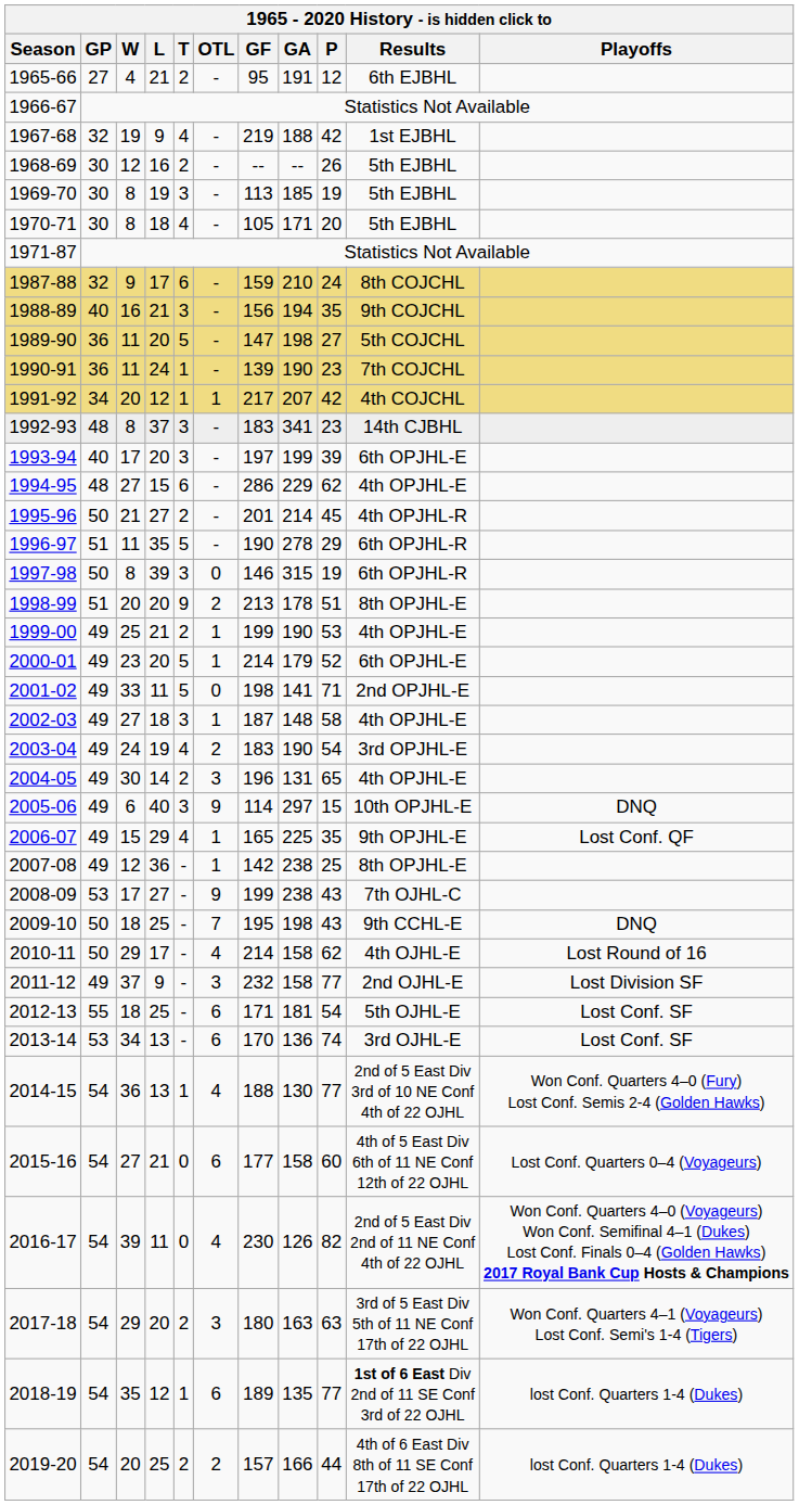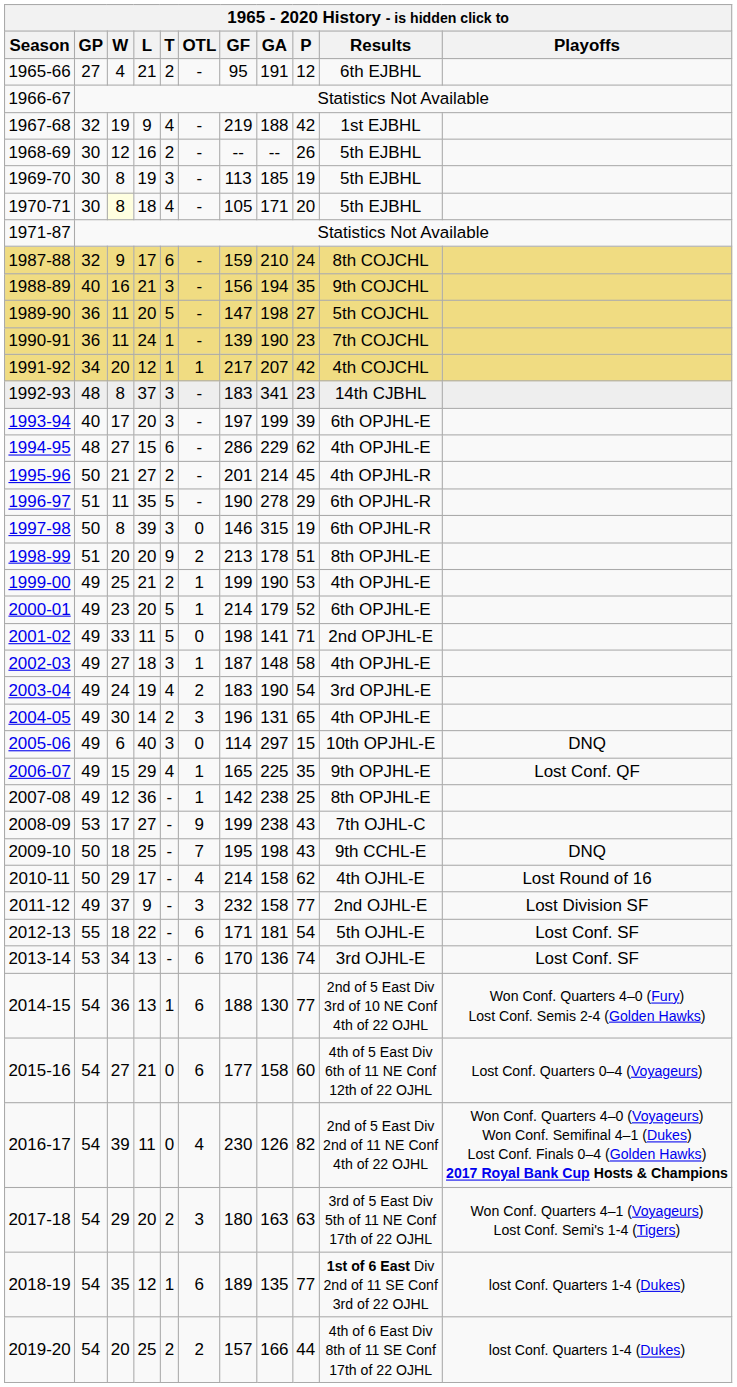 <table class="wikitable collapsible collapsed" style="text-align:center;">
 <tr>
 <th colspan=12 bgcolor="#822433" text_color=white>1965 - 2020 History <small>- is hidden click to </small></th>
 </tr>
 <tr align="center"  bgcolor="#dddddd">
 <th>Season</th>
 <th>GP</th>
 <th>W</th>
 <th>L</th>
 <th>T</th>
 <th>OTL</th>
 <th>GF</th>
 <th>GA</th>
 <th>P</th>
 <th>Results</th>
 <th>Playoffs</th>
 </tr>
 <tr align="center">
 <td>1965-66</td>
 <td>27</td>
 <td>4</td>
 <td>21</td>
 <td>2</td>
 <td>-</td>
 <td>95</td>
 <td>191</td>
 <td>12</td>
 <td>6th EJBHL</td>
 <td></td>
 </tr>
 <tr align="center">
 <td>1966-67</td>
 <td colspan="11">Statistics Not Available</td>
 </tr>
 <tr align="center">
 <td>1967-68</td>
 <td>32</td>
 <td>19</td>
 <td>9</td>
 <td>4</td>
 <td>-</td>
 <td>219</td>
 <td>188</td>
 <td>42</td>
 <td>1st EJBHL</td>
 <td></td>
 </tr>
 <tr align="center">
 <td>1968-69</td>
 <td>30</td>
 <td>12</td>
 <td>16</td>
 <td>2</td>
 <td>-</td>
 <td>--</td>
 <td>--</td>
 <td>26</td>
 <td>5th EJBHL</td>
 <td></td>
 </tr>
 <tr align="center">
 <td>1969-70</td>
 <td>30</td>
 <td>8</td>
 <td>19</td>
 <td>3</td>
 <td>-</td>
 <td>113</td>
 <td>185</td>
 <td>19</td>
 <td>5th EJBHL</td>
 <td></td>
 </tr>
 <tr align="center">
 <td>1970-71</td>
 <td>30</td>
-<td>8</td>
+<td style="background: lightyellow;">8</td>
 <td>18</td>
 <td>4</td>
 <td>-</td>
 <td>105</td>
 <td>171</td>
 <td>20</td>
 <td>5th EJBHL</td>
 <td></td>
 </tr>
 <tr align="center">
 <td>1971-87</td>
 <td colspan="11">Statistics Not Available</td>
 </tr>
 <tr align="center"  bgcolor="#F0DC82">
 <td>1987-88</td>
 <td>32</td>
 <td>9</td>
 <td>17</td>
 <td>6</td>
 <td>-</td>
 <td>159</td>
 <td>210</td>
 <td>24</td>
 <td>8th COJCHL</td>
 <td></td>
 </tr>
 <tr align="center"  bgcolor="#F0DC82">
 <td>1988-89</td>
 <td>40</td>
 <td>16</td>
 <td>21</td>
 <td>3</td>
 <td>-</td>
 <td>156</td>
 <td>194</td>
 <td>35</td>
 <td>9th COJCHL</td>
 <td></td>
 </tr>
 <tr align="center"  bgcolor="#F0DC82">
 <td>1989-90</td>
 <td>36</td>
 <td>11</td>
 <td>20</td>
 <td>5</td>
 <td>-</td>
 <td>147</td>
 <td>198</td>
 <td>27</td>
 <td>5th COJCHL</td>
 <td></td>
 </tr>
 <tr align="center"  bgcolor="#F0DC82">
 <td>1990-91</td>
 <td>36</td>
 <td>11</td>
 <td>24</td>
 <td>1</td>
 <td>-</td>
 <td>139</td>
 <td>190</td>
 <td>23</td>
 <td>7th COJCHL</td>
 <td></td>
 </tr>
 <tr align="center"  bgcolor="#F0DC82">
 <td>1991-92</td>
 <td>34</td>
 <td>20</td>
 <td>12</td>
 <td>1</td>
 <td>1</td>
 <td>217</td>
 <td>207</td>
 <td>42</td>
 <td>4th COJCHL</td>
 <td></td>
 </tr>
 <tr align="center" bgcolor="#eeeeee">
 <td>1992-93</td>
 <td>48</td>
 <td>8</td>
 <td>37</td>
 <td>3</td>
 <td>-</td>
 <td>183</td>
 <td>341</td>
 <td>23</td>
 <td>14th CJBHL</td>
 <td></td>
 </tr>
 <tr align="center">
 <td><a href='#'>1993-94</a></td>
 <td>40</td>
 <td>17</td>
 <td>20</td>
 <td>3</td>
 <td>-</td>
 <td>197</td>
 <td>199</td>
 <td>39</td>
 <td>6th OPJHL-E</td>
 <td></td>
 </tr>
 <tr align="center">
 <td><a href='#'>1994-95</a></td>
 <td>48</td>
 <td>27</td>
 <td>15</td>
 <td>6</td>
 <td>-</td>
 <td>286</td>
 <td>229</td>
 <td>62</td>
 <td>4th OPJHL-E</td>
 <td></td>
 </tr>
 <tr align="center">
 <td><a href='#'>1995-96</a></td>
 <td>50</td>
 <td>21</td>
 <td>27</td>
 <td>2</td>
 <td>-</td>
 <td>201</td>
 <td>214</td>
 <td>45</td>
 <td>4th OPJHL-R</td>
 <td></td>
 </tr>
 <tr align="center">
 <td><a href='#'>1996-97</a></td>
 <td>51</td>
 <td>11</td>
 <td>35</td>
 <td>5</td>
 <td>-</td>
 <td>190</td>
 <td>278</td>
 <td>29</td>
 <td>6th OPJHL-R</td>
 <td></td>
 </tr>
 <tr align="center">
 <td><a href='#'>1997-98</a></td>
 <td>50</td>
 <td>8</td>
 <td>39</td>
 <td>3</td>
 <td>0</td>
 <td>146</td>
 <td>315</td>
 <td>19</td>
 <td>6th OPJHL-R</td>
 <td></td>
 </tr>
 <tr align="center">
 <td><a href='#'>1998-99</a></td>
 <td>51</td>
 <td>20</td>
 <td>20</td>
 <td>9</td>
 <td>2</td>
 <td>213</td>
 <td>178</td>
 <td>51</td>
 <td>8th OPJHL-E</td>
 <td></td>
 </tr>
 <tr align="center">
 <td><a href='#'>1999-00</a></td>
 <td>49</td>
 <td>25</td>
 <td>21</td>
 <td>2</td>
 <td>1</td>
 <td>199</td>
 <td>190</td>
 <td>53</td>
 <td>4th OPJHL-E</td>
 <td></td>
 </tr>
 <tr align="center">
 <td><a href='#'>2000-01</a></td>
 <td>49</td>
 <td>23</td>
 <td>20</td>
 <td>5</td>
 <td>1</td>
 <td>214</td>
 <td>179</td>
 <td>52</td>
 <td>6th OPJHL-E</td>
 <td></td>
 </tr>
 <tr align="center">
 <td><a href='#'>2001-02</a></td>
 <td>49</td>
 <td>33</td>
 <td>11</td>
 <td>5</td>
 <td>0</td>
 <td>198</td>
 <td>141</td>
 <td>71</td>
 <td>2nd OPJHL-E</td>
 <td></td>
 </tr>
 <tr align="center">
 <td><a href='#'>2002-03</a></td>
 <td>49</td>
 <td>27</td>
 <td>18</td>
 <td>3</td>
 <td>1</td>
 <td>187</td>
 <td>148</td>
 <td>58</td>
 <td>4th OPJHL-E</td>
 <td></td>
 </tr>
 <tr align="center">
 <td><a href='#'>2003-04</a></td>
 <td>49</td>
 <td>24</td>
 <td>19</td>
 <td>4</td>
 <td>2</td>
 <td>183</td>
 <td>190</td>
 <td>54</td>
 <td>3rd OPJHL-E</td>
 <td></td>
 </tr>
 <tr align="center">
 <td><a href='#'>2004-05</a></td>
 <td>49</td>
 <td>30</td>
 <td>14</td>
 <td>2</td>
 <td>3</td>
 <td>196</td>
 <td>131</td>
 <td>65</td>
 <td>4th OPJHL-E</td>
 <td></td>
 </tr>
 <tr align="center">
 <td><a href='#'>2005-06</a></td>
 <td>49</td>
 <td>6</td>
 <td>40</td>
 <td>3</td>
-<td>9</td>
+<td>0</td>
 <td>114</td>
 <td>297</td>
 <td>15</td>
 <td>10th OPJHL-E</td>
 <td>DNQ</td>
 </tr>
 <tr align="center">
 <td><a href='#'>2006-07</a></td>
 <td>49</td>
 <td>15</td>
 <td>29</td>
 <td>4</td>
 <td>1</td>
 <td>165</td>
 <td>225</td>
 <td>35</td>
 <td>9th OPJHL-E</td>
 <td>Lost Conf. QF</td>
 </tr>
 <tr align="center">
 <td>2007-08</td>
 <td>49</td>
 <td>12</td>
 <td>36</td>
 <td>-</td>
 <td>1</td>
 <td>142</td>
 <td>238</td>
 <td>25</td>
 <td>8th OPJHL-E</td>
 <td></td>
 </tr>
 <tr align="center">
 <td>2008-09</td>
 <td>53</td>
 <td>17</td>
 <td>27</td>
 <td>-</td>
 <td>9</td>
 <td>199</td>
 <td>238</td>
 <td>43</td>
 <td>7th OJHL-C</td>
 <td></td>
 </tr>
 <tr align="center">
 <td>2009-10</td>
 <td>50</td>
 <td>18</td>
 <td>25</td>
 <td>-</td>
 <td>7</td>
 <td>195</td>
 <td>198</td>
 <td>43</td>
 <td>9th CCHL-E</td>
 <td>DNQ</td>
 </tr>
 <tr align="center">
 <td>2010-11</td>
 <td>50</td>
 <td>29</td>
 <td>17</td>
 <td>-</td>
 <td>4</td>
 <td>214</td>
 <td>158</td>
 <td>62</td>
 <td>4th OJHL-E</td>
 <td>Lost Round of 16</td>
 </tr>
 <tr align="center">
 <td>2011-12</td>
 <td>49</td>
 <td>37</td>
 <td>9</td>
 <td>-</td>
 <td>3</td>
 <td>232</td>
 <td>158</td>
 <td>77</td>
 <td>2nd OJHL-E</td>
 <td>Lost Division SF</td>
 </tr>
 <tr align="center">
 <td>2012-13</td>
 <td>55</td>
 <td>18</td>
-<td>25</td>
+<td>22</td>
 <td>-</td>
 <td>6</td>
 <td>171</td>
 <td>181</td>
 <td>54</td>
 <td>5th OJHL-E</td>
 <td>Lost Conf. SF</td>
 </tr>
 <tr align="center">
 <td>2013-14</td>
 <td>53</td>
 <td>34</td>
 <td>13</td>
 <td>-</td>
 <td>6</td>
 <td>170</td>
 <td>136</td>
 <td>74</td>
 <td>3rd OJHL-E</td>
 <td>Lost Conf. SF</td>
 </tr>
 <tr align="center">
 <td>2014-15</td>
 <td>54</td>
 <td>36</td>
 <td>13</td>
 <td>1</td>
-<td>4</td>
+<td>6</td>
 <td>188</td>
 <td>130</td>
 <td>77</td>
 <td><small>2nd of 5 East Div<br>3rd of 10 NE Conf<br>4th of 22 OJHL</small></td>
 <td><small>Won Conf. Quarters 4–0 (<a href='#'>Fury</a>)<br>Lost Conf. Semis 2-4 (<a href='#'>Golden Hawks</a>)</small></td>
 </tr>
 <tr align="center">
 <td>2015-16</td>
 <td>54</td>
 <td>27</td>
 <td>21</td>
 <td>0</td>
 <td>6</td>
 <td>177</td>
 <td>158</td>
 <td>60</td>
 <td><small>4th of 5 East Div<br>6th of 11 NE Conf<br>12th of 22 OJHL</small></td>
 <td><small>Lost Conf. Quarters 0–4 (<a href='#'>Voyageurs</a>)</small></td>
 </tr>
 <tr align="center">
 <td>2016-17</td>
 <td>54</td>
 <td>39</td>
 <td>11</td>
 <td>0</td>
 <td>4</td>
 <td>230</td>
 <td>126</td>
 <td>82</td>
 <td><small>2nd of 5 East Div<br>2nd of 11 NE Conf<br>4th of 22 OJHL</small></td>
 <td><small>Won Conf. Quarters 4–0 (<a href='#'>Voyageurs</a>)<br>Won Conf. Semifinal 4–1 (<a href='#'>Dukes</a>)<br>Lost Conf. Finals 0–4 (<a href='#'>Golden Hawks</a>)<br><strong><a href='#'>2017 Royal Bank Cup</a> Hosts & Champions</strong></small></td>
 </tr>
 <tr align="center">
 <td>2017-18</td>
 <td>54</td>
 <td>29</td>
 <td>20</td>
 <td>2</td>
 <td>3</td>
 <td>180</td>
 <td>163</td>
 <td>63</td>
 <td><small>3rd of 5 East Div<br>5th of 11 NE Conf<br>17th of 22 OJHL</small></td>
 <td><small>Won Conf. Quarters 4–1 (<a href='#'>Voyageurs</a>)<br>Lost Conf. Semi's 1-4 (<a href='#'>Tigers</a>)</small></td>
 </tr>
 <tr align="center">
 <td>2018-19</td>
 <td>54</td>
 <td>35</td>
 <td>12</td>
 <td>1</td>
 <td>6</td>
 <td>189</td>
 <td>135</td>
 <td>77</td>
 <td><small><strong>1st of 6 East</strong> Div<br>2nd of 11 SE Conf<br>3rd of 22 OJHL</small></td>
 <td><small>lost Conf. Quarters 1-4 (<a href='#'>Dukes</a>)</small></td>
 </tr>
 <tr align="center">
 <td>2019-20</td>
 <td>54</td>
 <td>20</td>
 <td>25</td>
 <td>2</td>
 <td>2</td>
 <td>157</td>
 <td>166</td>
 <td>44</td>
 <td><small>4th of 6 East Div<br>8th of 11 SE Conf<br>17th of 22 OJHL</small></td>
 <td><small>lost Conf. Quarters 1-4 (<a href='#'>Dukes</a>)</small></td>
 </tr>
 </table>
